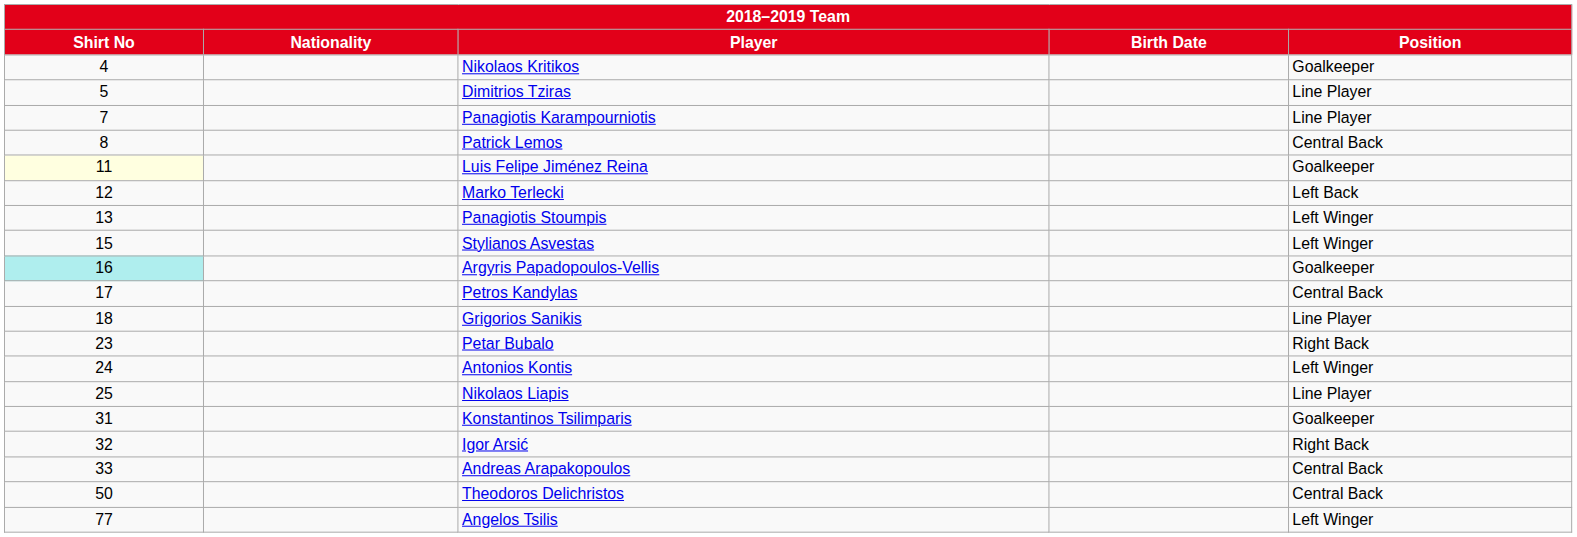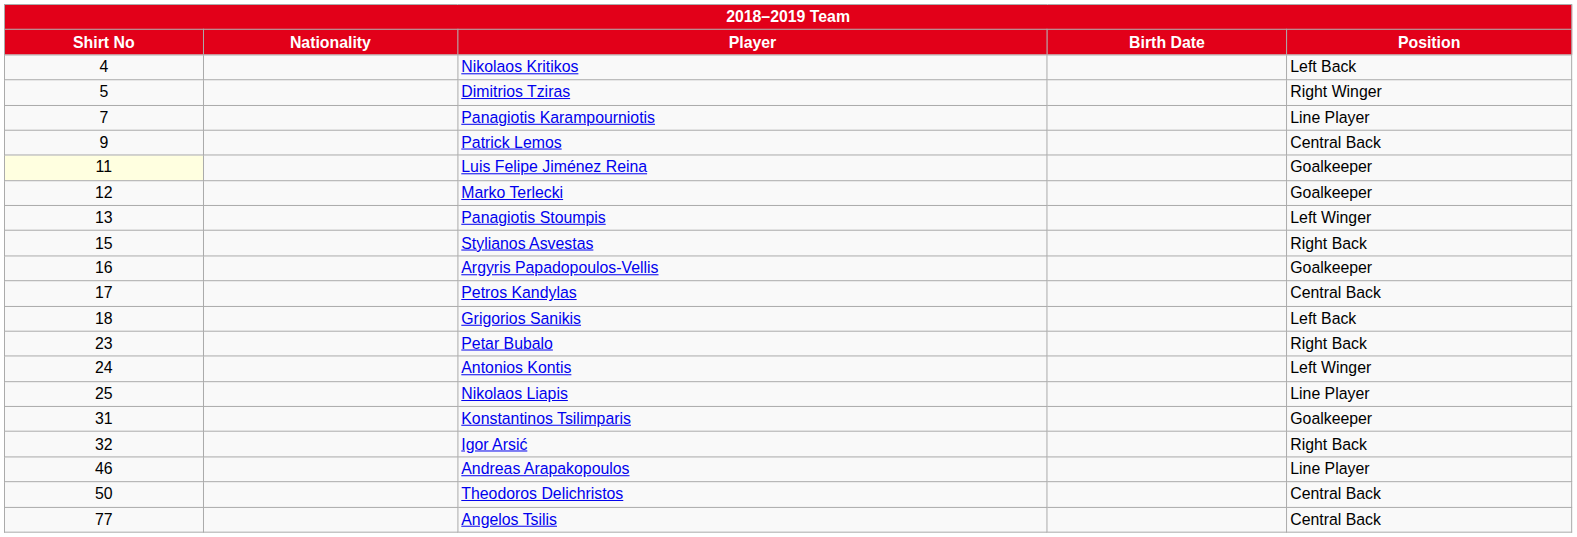 <table class="wikitable collapsible collapsed" style="width:100%">
 <tr>
 <th colspan=5 style="background-color:#E20019;color:#FFFFFF;text-align:center;"><strong>2018–2019 Team</strong></th>
 </tr>
 <tr>
 <th style="color:#FFFFFF; background:#E20019">Shirt No</th>
 <th style="color:#FFFFFF; background:#E20019">Nationality</th>
 <th style="color:#FFFFFF; background:#E20019">Player</th>
 <th style="color:#FFFFFF; background:#E20019">Birth Date</th>
 <th style="color:#FFFFFF; background:#E20019">Position</th>
 </tr>
 <tr>
 <td align=center>4</td>
 <td></td>
 <td><a href='#'>Nikolaos Kritikos</a></td>
 <td></td>
-<td>Goalkeeper</td>
+<td>Left Back</td>
 </tr>
 <tr>
 <td align=center>5</td>
 <td></td>
 <td><a href='#'>Dimitrios Tziras</a></td>
 <td></td>
-<td>Line Player</td>
+<td>Right Winger</td>
 </tr>
 <tr>
 <td align=center>7</td>
 <td></td>
 <td><a href='#'>Panagiotis Karampourniotis</a></td>
 <td></td>
 <td>Line Player</td>
 </tr>
 <tr>
-<td align=center>8</td>
+<td align=center>9</td>
 <td></td>
 <td><a href='#'>Patrick Lemos</a></td>
 <td></td>
 <td>Central Back</td>
 </tr>
 <tr>
 <td align=center style="background: lightyellow;">11</td>
 <td></td>
 <td><a href='#'>Luis Felipe Jiménez Reina</a></td>
 <td></td>
 <td>Goalkeeper</td>
 </tr>
 <tr>
 <td align=center>12</td>
 <td></td>
 <td><a href='#'>Marko Terlecki</a></td>
 <td></td>
-<td>Left Back</td>
+<td>Goalkeeper</td>
 </tr>
 <tr>
 <td align=center>13</td>
 <td></td>
 <td><a href='#'>Panagiotis Stoumpis</a></td>
 <td></td>
 <td>Left Winger</td>
 </tr>
 <tr>
 <td align=center>15</td>
 <td></td>
 <td><a href='#'>Stylianos Asvestas</a></td>
 <td></td>
-<td>Left Winger</td>
+<td>Right Back</td>
 </tr>
 <tr>
-<td align=center style="background: paleturquoise;">16</td>
+<td align=center>16</td>
 <td></td>
 <td><a href='#'>Argyris Papadopoulos-Vellis</a></td>
 <td></td>
 <td>Goalkeeper</td>
 </tr>
 <tr>
 <td align=center>17</td>
 <td></td>
 <td><a href='#'>Petros Kandylas</a></td>
 <td></td>
 <td>Central Back</td>
 </tr>
 <tr>
 <td align=center>18</td>
 <td></td>
 <td><a href='#'>Grigorios Sanikis</a></td>
 <td></td>
-<td>Line Player</td>
+<td>Left Back</td>
 </tr>
 <tr>
 <td align=center>23</td>
 <td></td>
 <td><a href='#'>Petar Bubalo</a></td>
 <td></td>
 <td>Right Back</td>
 </tr>
 <tr>
 <td align=center>24</td>
 <td></td>
 <td><a href='#'>Antonios Kontis</a></td>
 <td></td>
 <td>Left Winger</td>
 </tr>
 <tr>
 <td align=center>25</td>
 <td></td>
 <td><a href='#'>Nikolaos Liapis</a></td>
 <td></td>
 <td>Line Player</td>
 </tr>
 <tr>
 <td align=center>31</td>
 <td></td>
 <td><a href='#'>Konstantinos Tsilimparis</a></td>
 <td></td>
 <td>Goalkeeper</td>
 </tr>
 <tr>
 <td align=center>32</td>
 <td></td>
 <td><a href='#'>Igor Arsić</a></td>
 <td></td>
 <td>Right Back</td>
 </tr>
 <tr>
-<td align=center>33</td>
+<td align=center>46</td>
 <td></td>
 <td><a href='#'>Andreas Arapakopoulos</a></td>
 <td></td>
-<td>Central Back</td>
+<td>Line Player</td>
 </tr>
 <tr>
 <td align=center>50</td>
 <td></td>
 <td><a href='#'>Theodoros Delichristos</a></td>
 <td></td>
 <td>Central Back</td>
 </tr>
 <tr>
 <td align=center>77</td>
 <td></td>
 <td><a href='#'>Angelos Tsilis</a></td>
 <td></td>
-<td>Left Winger</td>
+<td>Central Back</td>
 </tr>
 </table>
